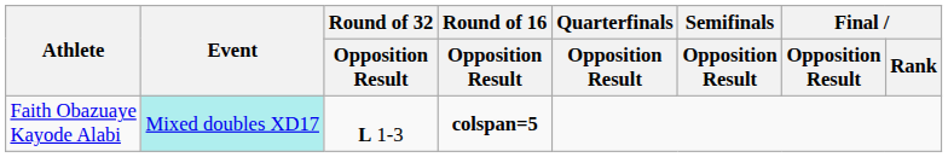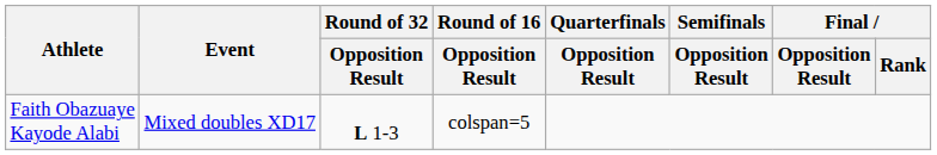 <table class=wikitable style="font-size:90%">
 <tr align=center>
 <th rowspan="2">Athlete</th>
 <th rowspan="2">Event</th>
 <th>Round of 32</th>
 <th>Round of 16</th>
 <th>Quarterfinals</th>
 <th>Semifinals</th>
 <th colspan="2">Final / </th>
 </tr>
 <tr>
 <th>Opposition<br>Result</th>
 <th>Opposition<br>Result</th>
 <th>Opposition<br>Result</th>
 <th>Opposition<br>Result</th>
 <th>Opposition<br>Result</th>
 <th>Rank</th>
 </tr>
 <tr align=center>
 <td align=left><a href='#'>Faith Obazuaye</a><br><a href='#'>Kayode Alabi</a></td>
-<td align=left style="background: paleturquoise;"><a href='#'>Mixed doubles XD17</a></td>
+<td align=left><a href='#'>Mixed doubles XD17</a></td>
 <td><br><strong>L</strong> 1-3</td>
-<td><strong>colspan=5 </strong></td>
+<td>colspan=5 </td>
 </tr>
 </table>
